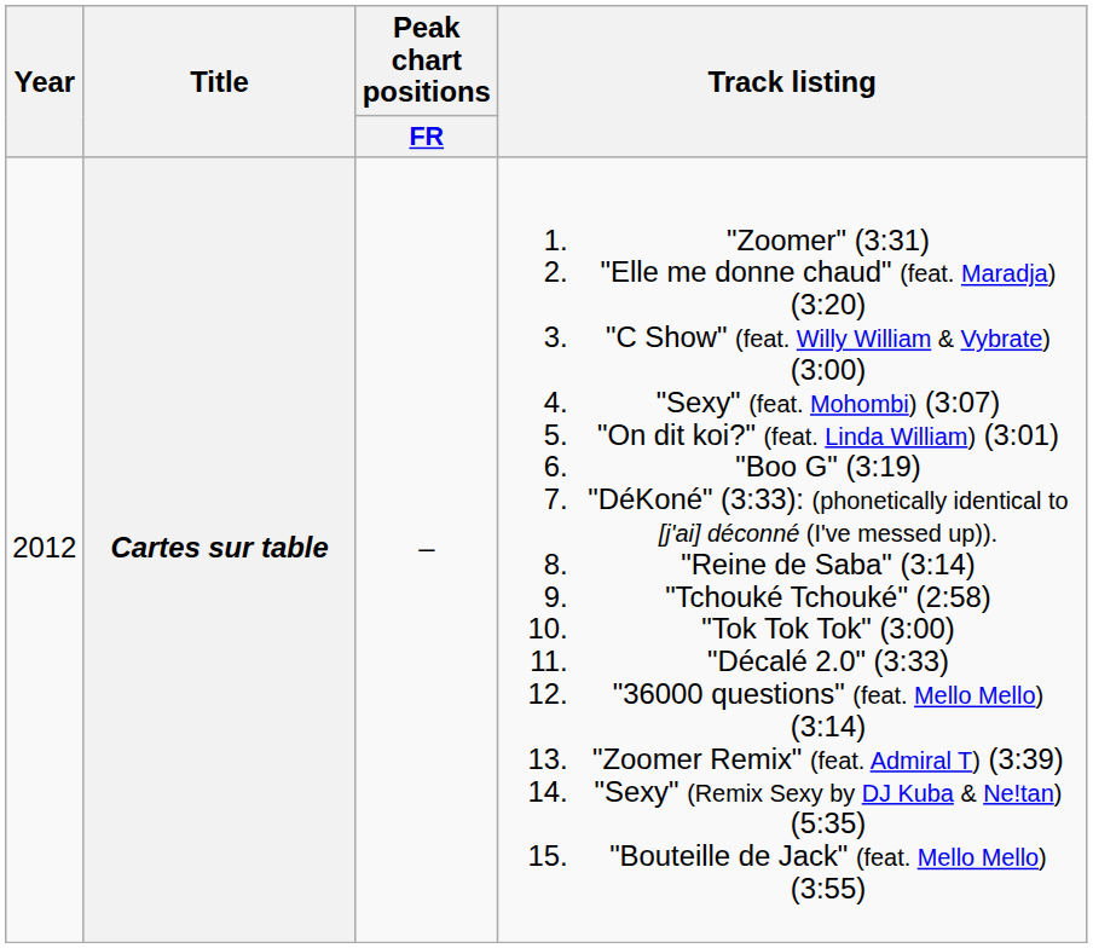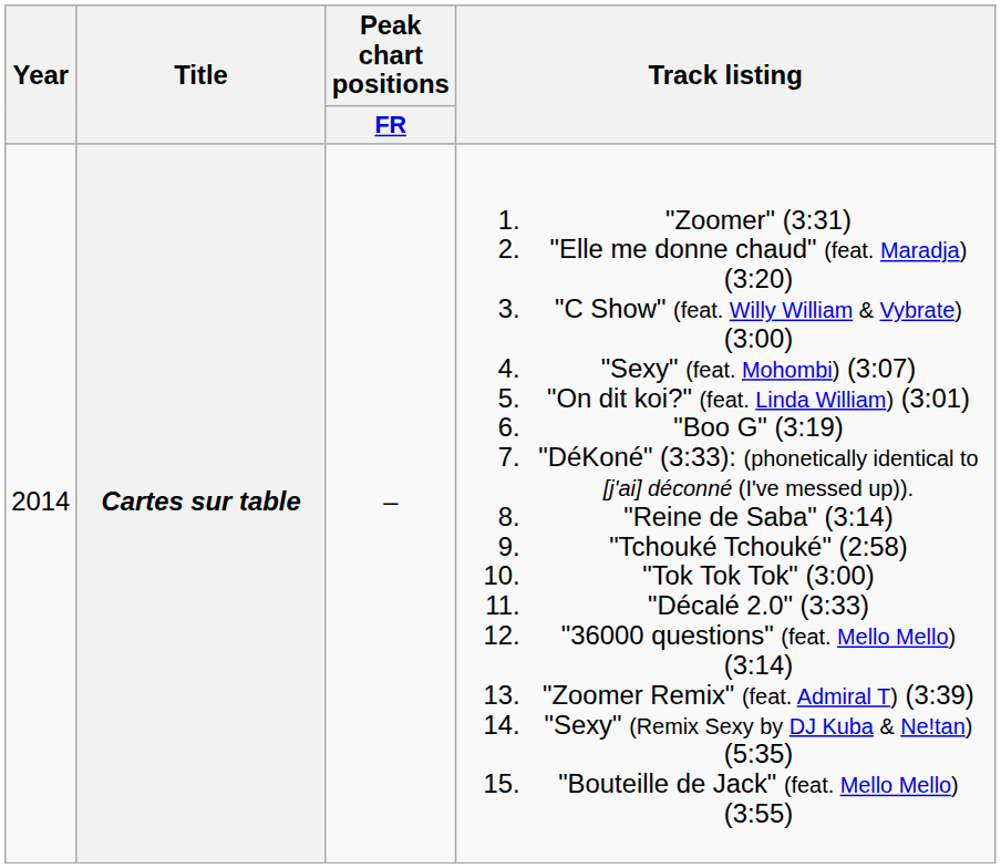 <table class="wikitable plainrowheaders" style="text-align:center;">
 <tr>
 <th scope="col" rowspan="2" style="width:2em;">Year</th>
 <th scope="col" rowspan="2" style="width:9em;">Title</th>
 <th scope="col" colspan="1">Peak chart positions</th>
 <th scope="col" rowspan="2" style="width:20em;">Track listing</th>
 </tr>
 <tr>
 <th scope="col" style="width:3em;font-size:90%;"><a href='#'>FR</a></th>
 </tr>
 <tr>
-<td>2012</td>
+<td>2014</td>
 <th scope="row"><em>Cartes sur table</em></th>
 <td>–</td>
 <td><br><ol><li>"Zoomer" (3:31)</li><li>"Elle me donne chaud" <small>(feat. <a href='#'>Maradja</a>)</small> (3:20)</li><li>"C Show" <small>(feat. <a href='#'>Willy William</a> & <a href='#'>Vybrate</a>)</small> (3:00)</li><li>"Sexy" <small>(feat. <a href='#'>Mohombi</a>)</small> (3:07)</li><li>"On dit koi?" <small>(feat. <a href='#'>Linda William</a>)</small> (3:01)</li><li>"Boo G" (3:19)</li><li>"DéKoné" (3:33): <small>(phonetically identical to <em>[j'ai] déconné</em> (I've messed up)).</small></li><li>"Reine de Saba" (3:14)</li><li>"Tchouké Tchouké" (2:58)</li><li>"Tok Tok Tok" (3:00)</li><li>"Décalé 2.0" (3:33)</li><li>"36000 questions" <small>(feat. <a href='#'>Mello Mello</a>)</small> (3:14)</li><li>"Zoomer Remix" <small>(feat. <a href='#'>Admiral T</a>)</small> (3:39)</li><li>"Sexy" <small>(Remix Sexy by <a href='#'>DJ Kuba</a> & <a href='#'>Ne!tan</a>)</small> (5:35)</li><li>"Bouteille de Jack" <small>(feat. <a href='#'>Mello Mello</a>)</small> (3:55)</li></ol></td>
 </tr>
 </table>
